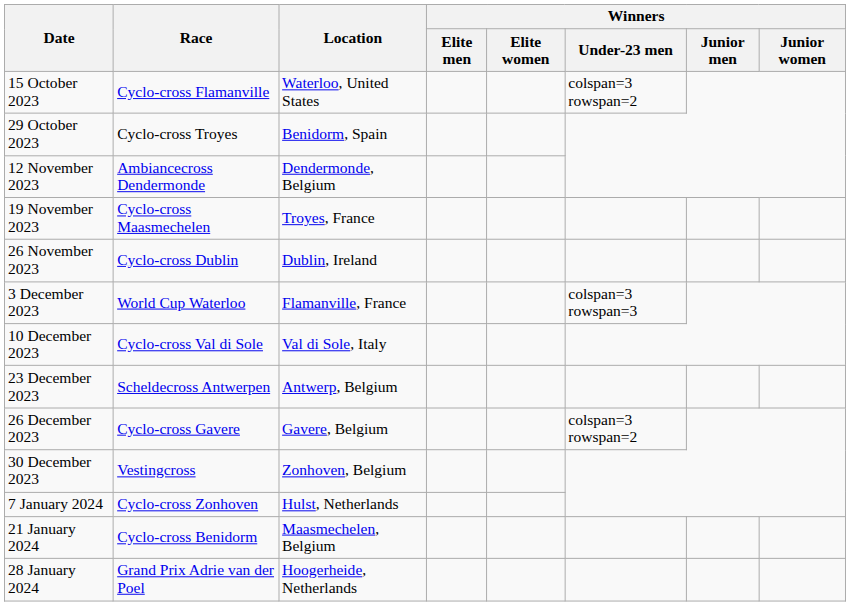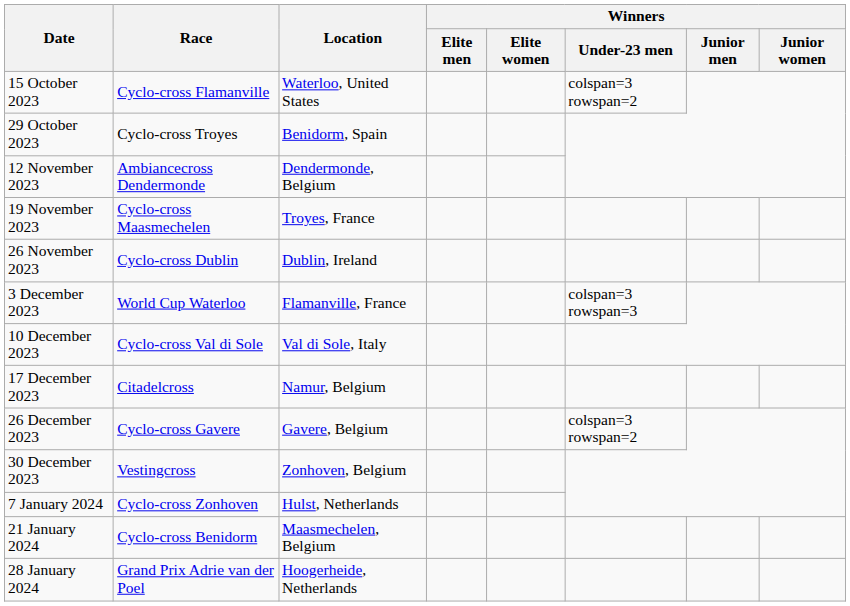 <table class="wikitable">
 <tr>
 <th rowspan=2>Date</th>
 <th rowspan=2>Race</th>
 <th rowspan=2>Location</th>
 <th colspan=5>Winners</th>
 </tr>
 <tr>
 <th>Elite men</th>
 <th>Elite women</th>
 <th>Under-23 men</th>
 <th>Junior men</th>
 <th>Junior women</th>
 </tr>
 <tr>
 <td>15 October 2023</td>
 <td><a href='#'>Cyclo-cross Flamanville</a></td>
 <td> <a href='#'>Waterloo</a>, United States</td>
 <td></td>
 <td></td>
 <td>colspan=3 rowspan=2 </td>
 </tr>
 <tr>
 <td>29 October 2023</td>
 <td>Cyclo-cross Troyes</td>
 <td> <a href='#'>Benidorm</a>, Spain</td>
 <td></td>
 <td></td>
 </tr>
 <tr>
 <td>12 November 2023</td>
 <td><a href='#'>Ambiancecross Dendermonde</a></td>
 <td> <a href='#'>Dendermonde</a>, Belgium</td>
 <td></td>
 <td></td>
 </tr>
 <tr>
 <td>19 November 2023</td>
 <td><a href='#'>Cyclo-cross Maasmechelen</a></td>
 <td> <a href='#'>Troyes</a>, France</td>
 <td></td>
 <td></td>
 <td></td>
 <td></td>
 <td></td>
 </tr>
 <tr>
 <td>26 November 2023</td>
 <td><a href='#'>Cyclo-cross Dublin</a></td>
 <td> <a href='#'>Dublin</a>, Ireland</td>
 <td></td>
 <td></td>
 <td></td>
 <td></td>
 <td></td>
 </tr>
 <tr>
 <td>3 December 2023</td>
 <td><a href='#'>World Cup Waterloo</a></td>
 <td> <a href='#'>Flamanville</a>, France</td>
 <td></td>
 <td></td>
 <td>colspan=3 rowspan=3 </td>
 </tr>
 <tr>
 <td>10 December 2023</td>
 <td><a href='#'>Cyclo-cross Val di Sole</a></td>
 <td> <a href='#'>Val di Sole</a>, Italy</td>
 <td></td>
 <td></td>
 </tr>
 <tr>
-<td>23 December 2023</td>
-<td><a href='#'>Scheldecross Antwerpen</a></td>
-<td> <a href='#'>Antwerp</a>, Belgium</td>
+<td>17 December 2023</td>
+<td><a href='#'>Citadelcross</a></td>
+<td> <a href='#'>Namur</a>, Belgium</td>
 <td></td>
 <td></td>
 <td></td>
 <td></td>
 <td></td>
 </tr>
 <tr>
 <td>26 December 2023</td>
 <td><a href='#'>Cyclo-cross Gavere</a></td>
 <td> <a href='#'>Gavere</a>, Belgium</td>
 <td></td>
 <td></td>
 <td>colspan=3 rowspan=2 </td>
 </tr>
 <tr>
 <td>30 December 2023</td>
 <td><a href='#'>Vestingcross</a></td>
 <td> <a href='#'>Zonhoven</a>, Belgium</td>
 <td></td>
 <td></td>
 </tr>
 <tr>
 <td>7 January 2024</td>
 <td><a href='#'>Cyclo-cross Zonhoven</a></td>
 <td> <a href='#'>Hulst</a>, Netherlands</td>
 <td></td>
 <td></td>
 </tr>
 <tr>
 <td>21 January 2024</td>
 <td><a href='#'>Cyclo-cross Benidorm</a></td>
 <td> <a href='#'>Maasmechelen</a>, Belgium</td>
 <td></td>
 <td></td>
 <td></td>
 <td></td>
 <td></td>
 </tr>
 <tr>
 <td>28 January 2024</td>
 <td><a href='#'>Grand Prix Adrie van der Poel</a></td>
 <td> <a href='#'>Hoogerheide</a>, Netherlands</td>
 <td></td>
 <td></td>
 <td></td>
 <td></td>
 <td></td>
 </tr>
 </table>
